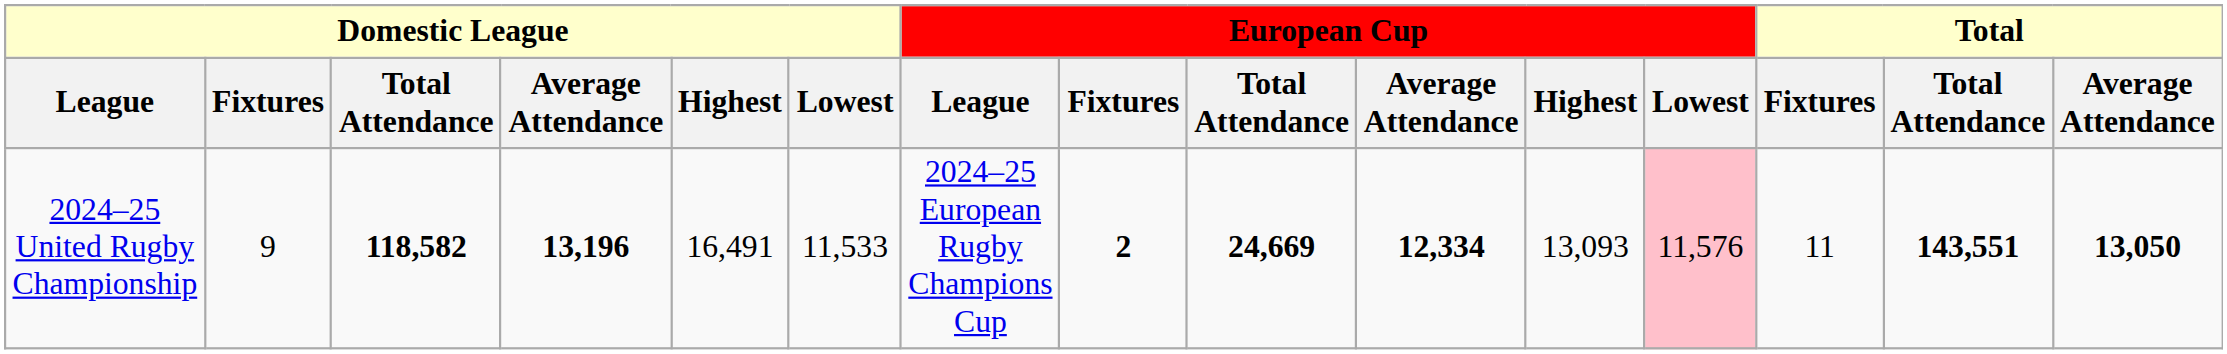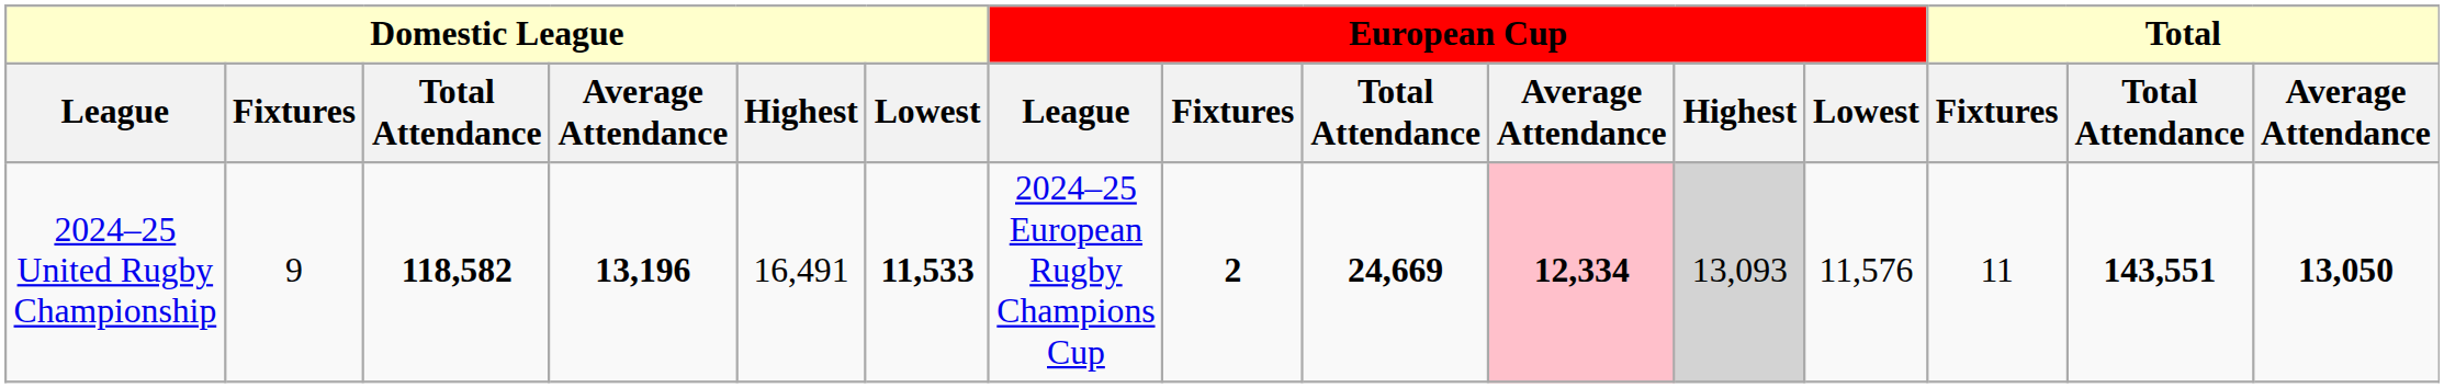 <table class="wikitable sortable" style="font-size:90%; width:90%;">
 <tr>
 <td colspan="6" class="wikitable sortable" style="width:45%; background:#ffffcc; text-align:center;"><span><strong>Domestic League</strong></span></td>
 <td colspan="6" class="wikitable sortable" style="width:45%; background:#f00; text-align:center;"><span><strong>European Cup</strong></span></td>
 <th colspan="3" class="wikitable sortable" style="width:45%; background:#ffffcc; text-align:center;"><span><strong>Total</strong></span></th>
 </tr>
 <tr>
 <th style="width:15%;">League</th>
 <th style="width:5%;">Fixtures</th>
 <th>Total Attendance</th>
 <th style="width:10%;">Average Attendance</th>
 <th style="width:10%;">Highest</th>
 <th style="width:10%;">Lowest</th>
 <th style="width:15%;">League</th>
 <th style="width:5%;">Fixtures</th>
 <th>Total Attendance</th>
 <th style="width:10%;">Average Attendance</th>
 <th style="width:10%;">Highest</th>
 <th style="width:10%;">Lowest</th>
 <th>Fixtures</th>
 <th style="width:10%;">Total Attendance</th>
 <th style="width:10%;">Average Attendance</th>
 </tr>
 <tr>
 <td align="center"><a href='#'>2024–25 United Rugby Championship</a></td>
 <td align="center">9</td>
 <td align="center"><strong>118,582</strong></td>
 <td align="center"><strong>13,196</strong></td>
 <td align="center">16,491</td>
-<td align="center">11,533</td>
+<td align="center"><strong>11,533</strong></td>
 <td align="center"><a href='#'>2024–25 European Rugby Champions Cup</a></td>
 <td align="center"><strong>2</strong></td>
 <td align="center"><strong>24,669</strong></td>
-<td align="center"><strong>12,334</strong></td>
-<td align="center">13,093</td>
-<td align="center" style="background: pink;">11,576</td>
+<td align="center" style="background: pink;"><strong>12,334</strong></td>
+<td align="center" style="background: lightgrey;">13,093</td>
+<td align="center">11,576</td>
 <td align="center">11</td>
 <td align="center"><strong>143,551</strong></td>
 <td align="center"><strong>13,050</strong></td>
 </tr>
 </table>
